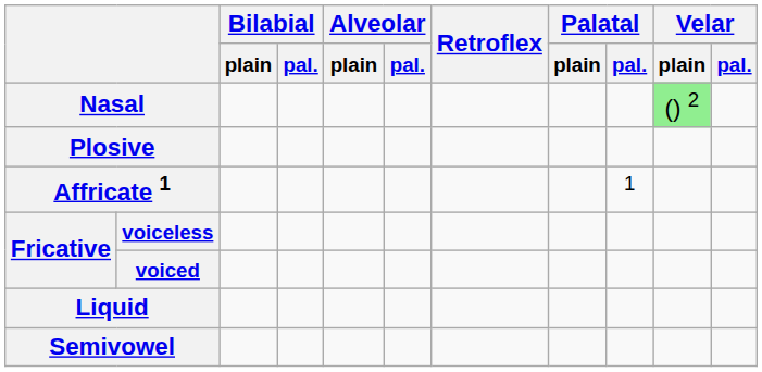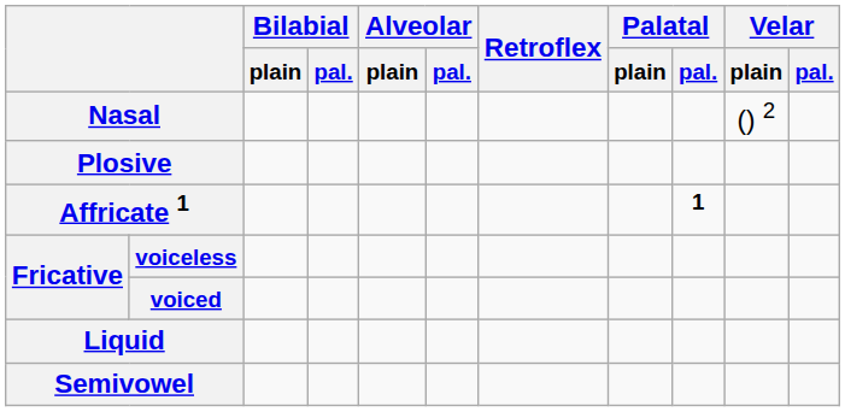 <table class=wikitable style="text-align:center">
 <tr>
 <th rowspan="2" colspan="2"></th>
 <th colspan="2"><a href='#'>Bilabial</a></th>
 <th colspan="2"><a href='#'>Alveolar</a></th>
 <th rowspan="2"><a href='#'>Retroflex</a></th>
 <th colspan="2"><a href='#'>Palatal</a></th>
 <th colspan="2"><a href='#'>Velar</a></th>
 </tr>
 <tr>
 <th><small>plain</small></th>
 <th><small><a href='#'>pal.</a></small></th>
 <th><small>plain</small></th>
 <th><small><a href='#'>pal.</a></small></th>
 <th><small>plain</small></th>
 <th><small><a href='#'>pal.</a></small></th>
 <th><small>plain</small></th>
 <th><small><a href='#'>pal.</a></small></th>
 </tr>
 <tr>
 <th colspan="2"><a href='#'>Nasal</a></th>
 <td> </td>
 <td> </td>
 <td> </td>
 <td> </td>
 <td></td>
 <td></td>
 <td></td>
-<td style="background: lightgreen;">() <sup>2</sup></td>
+<td>() <sup>2</sup></td>
 <td></td>
 </tr>
 <tr>
 <th colspan="2"><a href='#'>Plosive</a></th>
 <td> </td>
 <td> </td>
 <td> </td>
 <td></td>
 <td></td>
 <td></td>
 <td></td>
 <td> </td>
 <td> </td>
 </tr>
 <tr>
 <th colspan="2"><a href='#'>Affricate</a> <sup>1</sup></th>
 <td></td>
 <td></td>
 <td> </td>
 <td></td>
 <td> </td>
 <td> </td>
-<td> <sup>1</sup></td>
+<td><strong> <sup>1</sup></strong></td>
 <td></td>
 <td></td>
 </tr>
 <tr>
 <th rowspan="2"><a href='#'>Fricative</a></th>
 <th><small><a href='#'>voiceless</a></small></th>
 <td></td>
 <td></td>
 <td> </td>
 <td></td>
 <td></td>
 <td> </td>
 <td></td>
 <td> </td>
 <td> </td>
 </tr>
 <tr>
 <th><small><a href='#'>voiced</a></small></th>
 <td> </td>
 <td> </td>
 <td></td>
 <td></td>
 <td> </td>
 <td></td>
 <td></td>
 <td> </td>
 <td> </td>
 </tr>
 <tr>
 <th colspan="2"><a href='#'>Liquid</a></th>
 <td></td>
 <td></td>
 <td> </td>
 <td> </td>
 <td></td>
 <td></td>
 <td></td>
 <td></td>
 <td></td>
 </tr>
 <tr>
 <th colspan="2"><a href='#'>Semivowel</a></th>
 <td></td>
 <td></td>
 <td></td>
 <td></td>
 <td></td>
 <td> </td>
 <td></td>
 <td> </td>
 <td></td>
 </tr>
 </table>
